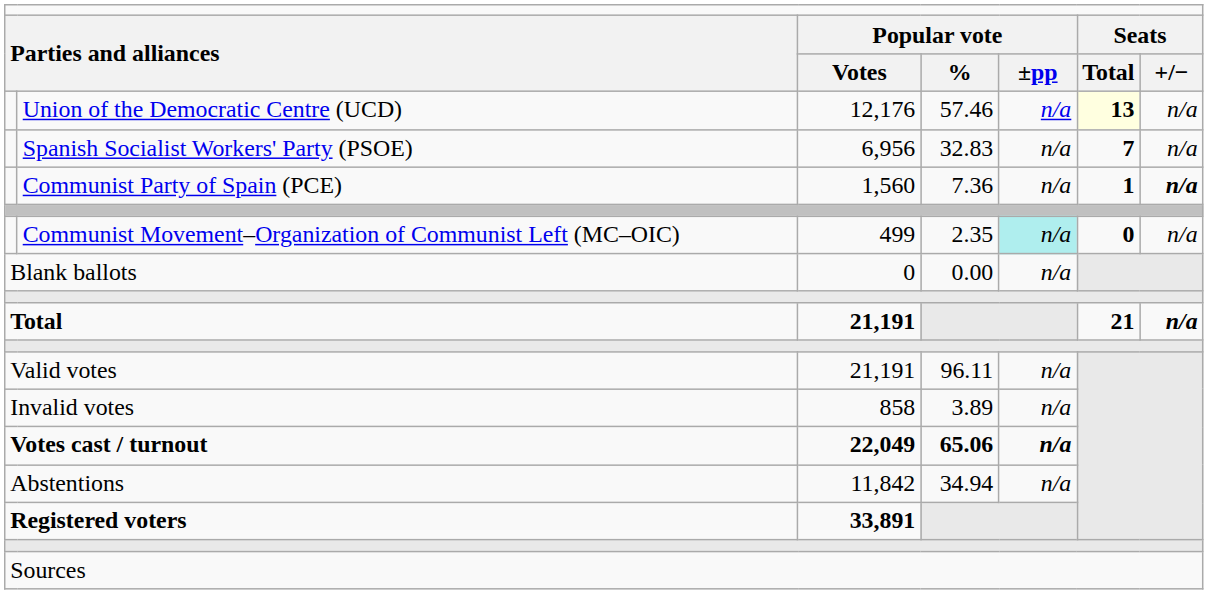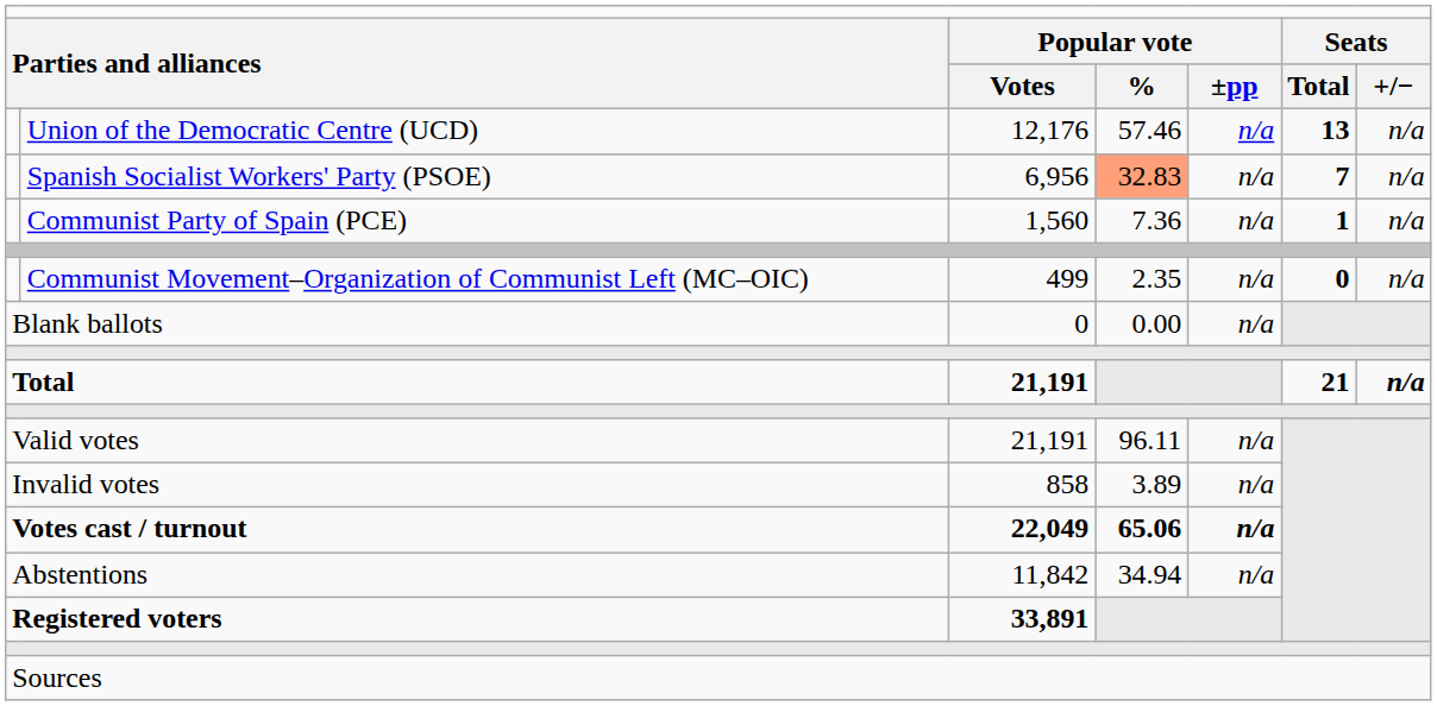 <table class="wikitable" style="text-align:right;">
 <tr>
 <td colspan="7"></td>
 </tr>
 <tr>
 <th style="text-align:left;" rowspan="2" colspan="2" width="525">Parties and alliances</th>
 <th colspan="3">Popular vote</th>
 <th colspan="2">Seats</th>
 </tr>
 <tr>
 <th width="75">Votes</th>
 <th width="45">%</th>
 <th width="45">±<a href='#'>pp</a></th>
 <th width="35">Total</th>
 <th width="35">+/−</th>
 </tr>
 <tr>
 <td width="1" style="color:inherit;background:"></td>
 <td align="left"><a href='#'>Union of the Democratic Centre</a> (UCD)</td>
 <td>12,176</td>
 <td>57.46</td>
 <td><em><a href='#'>n/a</a></em></td>
-<td style="background: lightyellow;"><strong>13</strong></td>
+<td><strong>13</strong></td>
 <td><em>n/a</em></td>
 </tr>
 <tr>
 <td style="color:inherit;background:"></td>
 <td align="left"><a href='#'>Spanish Socialist Workers' Party</a> (PSOE)</td>
 <td>6,956</td>
-<td>32.83</td>
+<td style="background: lightsalmon;">32.83</td>
 <td><em>n/a</em></td>
 <td><strong>7</strong></td>
 <td><em>n/a</em></td>
 </tr>
 <tr>
 <td style="color:inherit;background:"></td>
 <td align="left"><a href='#'>Communist Party of Spain</a> (PCE)</td>
 <td>1,560</td>
 <td>7.36</td>
 <td><em>n/a</em></td>
 <td><strong>1</strong></td>
-<td><strong><em>n/a</em></strong></td>
+<td><em>n/a</em></td>
 </tr>
 <tr>
 <td colspan="7" bgcolor="#C0C0C0"></td>
 </tr>
 <tr>
 <td style="color:inherit;background:"></td>
 <td align="left"><a href='#'>Communist Movement</a>–<a href='#'>Organization of Communist Left</a> (MC–OIC)</td>
 <td>499</td>
 <td>2.35</td>
-<td style="background: paleturquoise;"><em>n/a</em></td>
+<td><em>n/a</em></td>
 <td><strong>0</strong></td>
 <td><em>n/a</em></td>
 </tr>
 <tr>
 <td align="left" colspan="2">Blank ballots</td>
 <td>0</td>
 <td>0.00</td>
 <td><em>n/a</em></td>
 <td bgcolor="#E9E9E9" colspan="2"></td>
 </tr>
 <tr>
 <td colspan="7" bgcolor="#E9E9E9"></td>
 </tr>
 <tr style="font-weight:bold;">
 <td align="left" colspan="2">Total</td>
 <td>21,191</td>
 <td bgcolor="#E9E9E9" colspan="2"></td>
 <td>21</td>
 <td><em>n/a</em></td>
 </tr>
 <tr>
 <td colspan="7" bgcolor="#E9E9E9"></td>
 </tr>
 <tr>
 <td align="left" colspan="2">Valid votes</td>
 <td>21,191</td>
 <td>96.11</td>
 <td><em>n/a</em></td>
 <td bgcolor="#E9E9E9" colspan="2" rowspan="5"></td>
 </tr>
 <tr>
 <td align="left" colspan="2">Invalid votes</td>
 <td>858</td>
 <td>3.89</td>
 <td><em>n/a</em></td>
 </tr>
 <tr style="font-weight:bold;">
 <td align="left" colspan="2">Votes cast / turnout</td>
 <td>22,049</td>
 <td>65.06</td>
 <td><em>n/a</em></td>
 </tr>
 <tr>
 <td align="left" colspan="2">Abstentions</td>
 <td>11,842</td>
 <td>34.94</td>
 <td><em>n/a</em></td>
 </tr>
 <tr style="font-weight:bold;">
 <td align="left" colspan="2">Registered voters</td>
 <td>33,891</td>
 <td bgcolor="#E9E9E9" colspan="2"></td>
 </tr>
 <tr>
 <td colspan="7" bgcolor="#E9E9E9"></td>
 </tr>
 <tr>
 <td align="left" colspan="7">Sources</td>
 </tr>
 </table>
